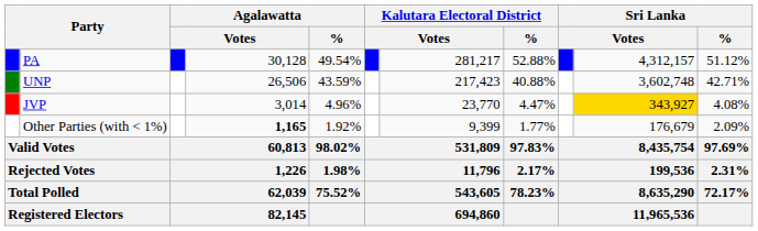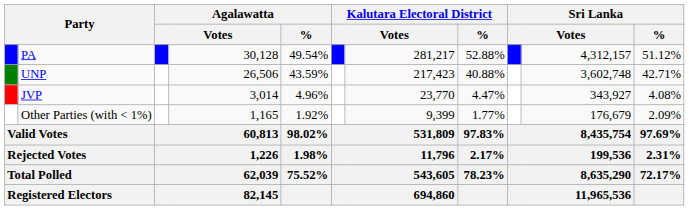 <table class="wikitable">
 <tr>
 <th colspan="2" width="144px"rowspan="2">Party</th>
 <th colspan="3" width="216px">Agalawatta</th>
 <th colspan="3" width="216px"><a href='#'>Kalutara Electoral District</a></th>
 <th colspan="3" width="216px">Sri Lanka</th>
 </tr>
 <tr>
 <th colspan="2" width="144px">Votes</th>
 <th>%</th>
 <th colspan="2" width="144px">Votes</th>
 <th>%</th>
 <th colspan="2" width="144px">Votes</th>
 <th>%</th>
 </tr>
 <tr>
 <td style="background-color:blue;" width="10px"></td>
 <td style="text-align:left;"><a href='#'>PA</a></td>
 <td style="background-color:blue;" width="10px"></td>
 <td style="text-align:right;">30,128</td>
 <td style="text-align:right;">49.54%</td>
 <td style="background-color:blue;" width="10px"></td>
 <td style="text-align:right;">281,217</td>
 <td style="text-align:right;">52.88%</td>
 <td style="background-color:blue;" width="10px"></td>
 <td style="text-align:right;">4,312,157</td>
 <td style="text-align:right;">51.12%</td>
 </tr>
 <tr>
 <td style="background-color:green;" width="10px"></td>
 <td style="text-align:left;"><a href='#'>UNP</a></td>
 <td style="background-color:white;" width="10px"></td>
 <td style="text-align:right;">26,506</td>
 <td style="text-align:right;">43.59%</td>
 <td style="background-color:white;" width="10px"></td>
 <td style="text-align:right;">217,423</td>
 <td style="text-align:right;">40.88%</td>
 <td style="background-color:white;" width="10px"></td>
 <td style="text-align:right;">3,602,748</td>
 <td style="text-align:right;">42.71%</td>
 </tr>
 <tr>
 <td style="background-color:red;" width="10px"></td>
 <td style="text-align:left;"><a href='#'>JVP</a></td>
 <td style="background-color:white;" width="10px"></td>
 <td style="text-align:right;">3,014</td>
 <td style="text-align:right;">4.96%</td>
 <td style="background-color:white;" width="10px"></td>
 <td style="text-align:right;">23,770</td>
 <td style="text-align:right;">4.47%</td>
 <td style="background-color:white;" width="10px"></td>
-<td style="background: gold; text-align:right;">343,927</td>
+<td style="text-align:right;">343,927</td>
 <td style="text-align:right;">4.08%</td>
 </tr>
 <tr>
 <td style="background-color:white;" width="10px"></td>
 <td style="text-align:left;">Other Parties (with < 1%)</td>
 <td style="background-color:white;" width="10px"></td>
-<td style="text-align:right;"><strong>1,165</strong></td>
+<td style="text-align:right;">1,165</td>
 <td style="text-align:right;">1.92%</td>
 <td style="background-color:white;" width="10px"></td>
 <td style="text-align:right;">9,399</td>
 <td style="text-align:right;">1.77%</td>
 <td style="background-color:white;" width="10px"></td>
 <td style="text-align:right;">176,679</td>
 <td style="text-align:right;">2.09%</td>
 </tr>
 <tr>
 <th colspan="2" width="144px"style="text-align:left;">Valid Votes</th>
 <th style="text-align:right;"colspan="2" width="144px">60,813</th>
 <th style="text-align:right;">98.02%</th>
 <th style="text-align:right;"colspan="2" width="144px">531,809</th>
 <th style="text-align:right;">97.83%</th>
 <th style="text-align:right;"colspan="2" width="144px">8,435,754</th>
 <th style="text-align:right;">97.69%</th>
 </tr>
 <tr>
 <th colspan="2" width="144px"style="text-align:left;">Rejected Votes</th>
 <th style="text-align:right;"colspan="2" width="144px">1,226</th>
 <th style="text-align:right;">1.98%</th>
 <th style="text-align:right;"colspan="2" width="144px">11,796</th>
 <th style="text-align:right;">2.17%</th>
 <th style="text-align:right;"colspan="2" width="144px">199,536</th>
 <th style="text-align:right;">2.31%</th>
 </tr>
 <tr>
 <th colspan="2" width="144px"style="text-align:left;">Total Polled</th>
 <th style="text-align:right;"colspan="2" width="144px">62,039</th>
 <th style="text-align:right;">75.52%</th>
 <th style="text-align:right;"colspan="2" width="144px">543,605</th>
 <th style="text-align:right;">78.23%</th>
 <th style="text-align:right;"colspan="2" width="144px">8,635,290</th>
 <th style="text-align:right;">72.17%</th>
 </tr>
 <tr>
 <th colspan="2" width="144px"style="text-align:left;">Registered Electors</th>
 <th style="text-align:right;"colspan="2" width="144px">82,145</th>
 <th></th>
 <th style="text-align:right;"colspan="2" width="144px">694,860</th>
 <th></th>
 <th style="text-align:right;"colspan="2" width="144px">11,965,536</th>
 <th></th>
 </tr>
 </table>
